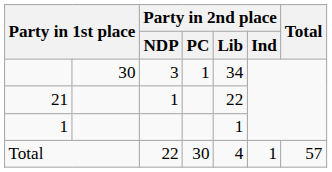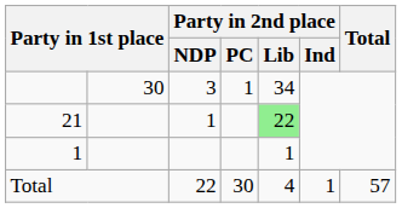 <table class="wikitable" style="text-align:right;">
 <tr>
 <th rowspan="2" colspan="2" style="text-align:left;">Party in 1st place</th>
 <th colspan="4">Party in 2nd place</th>
 <th rowspan="2">Total</th>
 </tr>
 <tr>
 <th>NDP</th>
 <th>PC</th>
 <th>Lib</th>
 <th>Ind</th>
 </tr>
 <tr>
 <td></td>
 <td>30</td>
 <td>3</td>
 <td>1</td>
 <td>34</td>
 </tr>
 <tr>
 <td>21</td>
 <td></td>
 <td>1</td>
 <td></td>
-<td>22</td>
+<td style="background: lightgreen;">22</td>
 </tr>
 <tr>
 <td>1</td>
 <td></td>
 <td></td>
 <td></td>
 <td>1</td>
 </tr>
 <tr>
 <td colspan="2" style="text-align:left;">Total</td>
 <td>22</td>
 <td>30</td>
 <td>4</td>
 <td>1</td>
 <td>57</td>
 </tr>
 </table>
